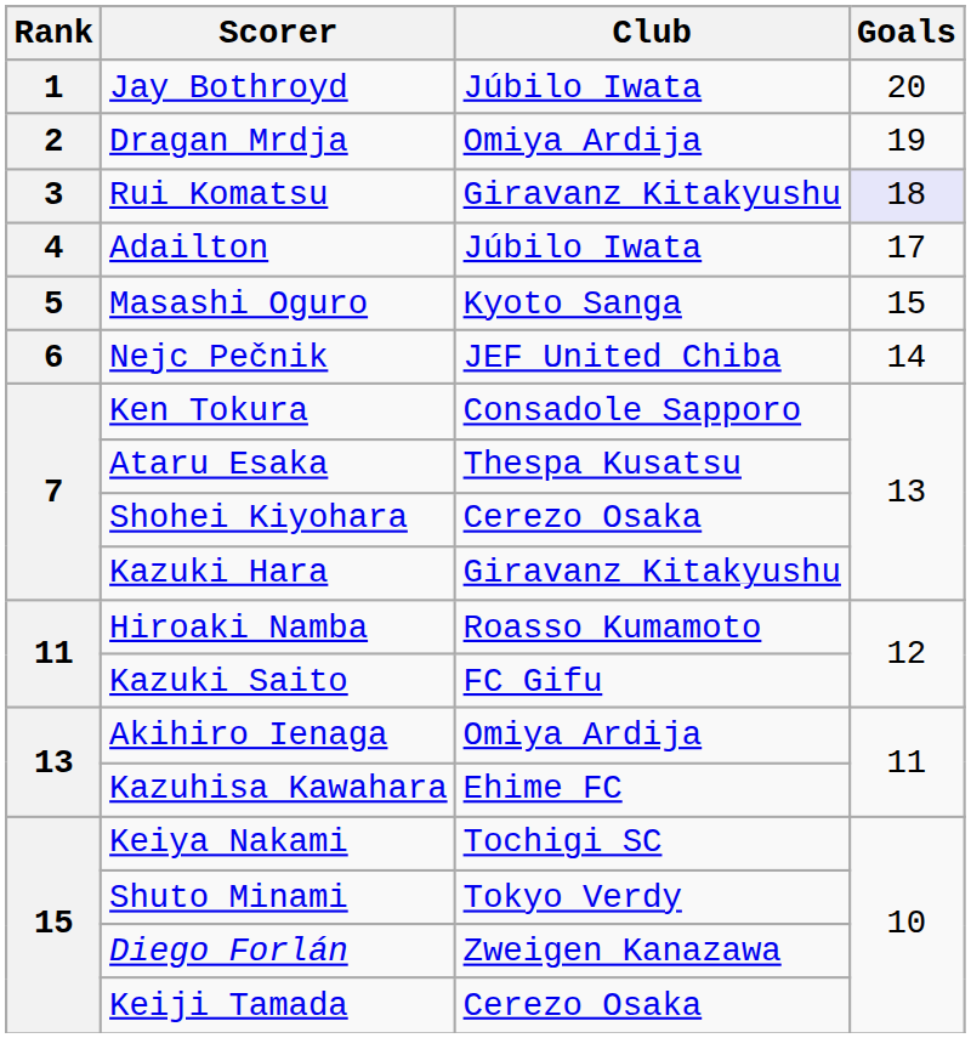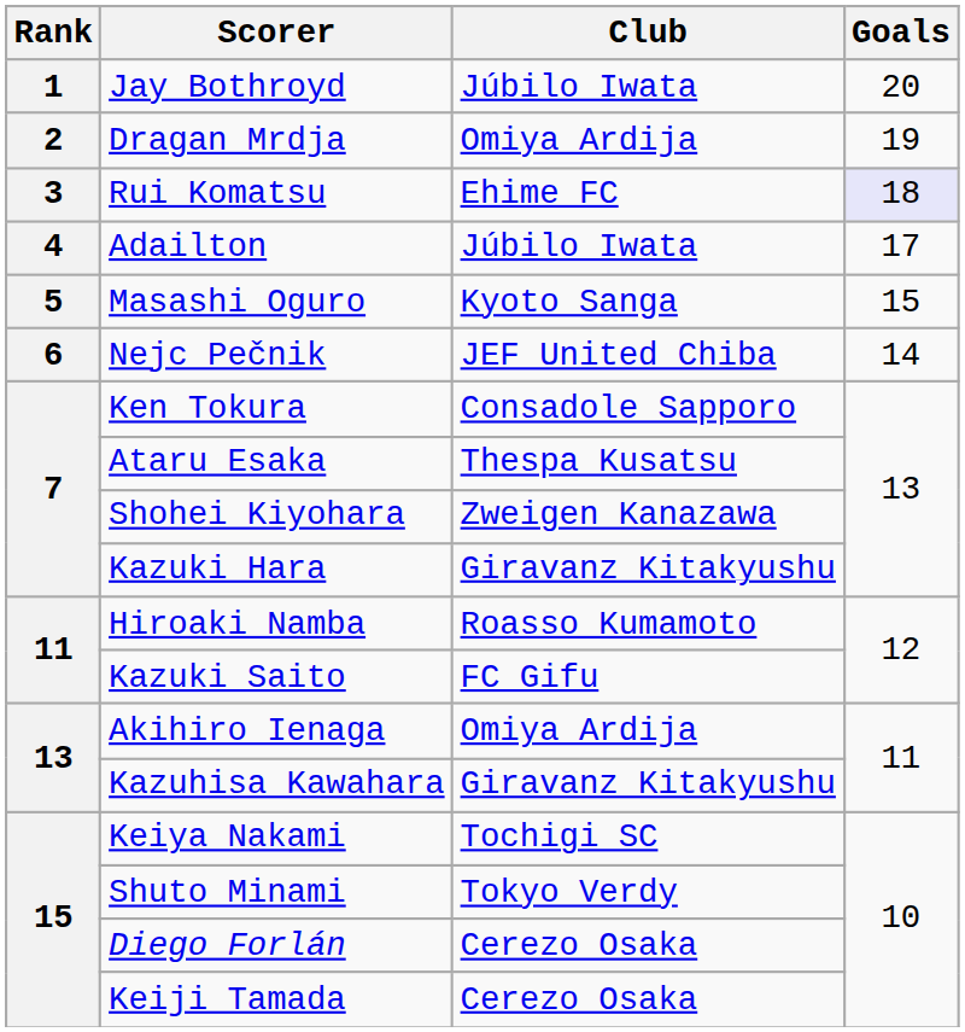 <table class="wikitable">
 <tr>
 <th>Rank</th>
 <th>Scorer</th>
 <th>Club</th>
 <th>Goals</th>
 </tr>
 <tr>
 <th>1</th>
 <td> <a href='#'>Jay Bothroyd</a></td>
 <td><a href='#'>Júbilo Iwata</a></td>
 <td style="text-align:center;">20</td>
 </tr>
 <tr>
 <th>2</th>
 <td> <a href='#'>Dragan Mrdja</a></td>
 <td><a href='#'>Omiya Ardija</a></td>
 <td style="text-align:center;">19</td>
 </tr>
 <tr>
 <th>3</th>
 <td> <a href='#'>Rui Komatsu</a></td>
-<td><a href='#'>Giravanz Kitakyushu</a></td>
+<td><a href='#'>Ehime FC</a></td>
 <td style="background: lavender; text-align:center;">18</td>
 </tr>
 <tr>
 <th>4</th>
 <td> <a href='#'>Adailton</a></td>
 <td><a href='#'>Júbilo Iwata</a></td>
 <td style="text-align:center;">17</td>
 </tr>
 <tr>
 <th>5</th>
 <td> <a href='#'>Masashi Oguro</a></td>
 <td><a href='#'>Kyoto Sanga</a></td>
 <td style="text-align:center;">15</td>
 </tr>
 <tr>
 <th>6</th>
 <td> <a href='#'>Nejc Pečnik</a></td>
 <td><a href='#'>JEF United Chiba</a></td>
 <td style="text-align:center;">14</td>
 </tr>
 <tr>
 <th rowspan=4>7</th>
 <td> <a href='#'>Ken Tokura</a></td>
 <td><a href='#'>Consadole Sapporo</a></td>
 <td rowspan=4 style="text-align:center;">13</td>
 </tr>
 <tr>
 <td> <a href='#'>Ataru Esaka</a></td>
 <td><a href='#'>Thespa Kusatsu</a></td>
 </tr>
 <tr>
 <td> <a href='#'>Shohei Kiyohara</a></td>
-<td><a href='#'>Cerezo Osaka</a></td>
+<td><a href='#'>Zweigen Kanazawa</a></td>
 </tr>
 <tr>
 <td> <a href='#'>Kazuki Hara</a></td>
 <td><a href='#'>Giravanz Kitakyushu</a></td>
 </tr>
 <tr>
 <th rowspan=2>11</th>
 <td> <a href='#'>Hiroaki Namba</a></td>
 <td><a href='#'>Roasso Kumamoto</a></td>
 <td rowspan=2 style="text-align:center;">12</td>
 </tr>
 <tr>
 <td> <a href='#'>Kazuki Saito</a></td>
 <td><a href='#'>FC Gifu</a></td>
 </tr>
 <tr>
 <th rowspan=2>13</th>
 <td> <a href='#'>Akihiro Ienaga</a></td>
 <td><a href='#'>Omiya Ardija</a></td>
 <td rowspan=2 style="text-align:center;">11</td>
 </tr>
 <tr>
 <td> <a href='#'>Kazuhisa Kawahara</a></td>
-<td><a href='#'>Ehime FC</a></td>
+<td><a href='#'>Giravanz Kitakyushu</a></td>
 </tr>
 <tr>
 <th rowspan=4>15</th>
 <td> <a href='#'>Keiya Nakami</a></td>
 <td><a href='#'>Tochigi SC</a></td>
 <td rowspan=4 style="text-align:center;">10</td>
 </tr>
 <tr>
 <td> <a href='#'>Shuto Minami</a></td>
 <td><a href='#'>Tokyo Verdy</a></td>
 </tr>
 <tr>
 <td> <em><a href='#'>Diego Forlán</a></em></td>
-<td><a href='#'>Zweigen Kanazawa</a></td>
+<td><a href='#'>Cerezo Osaka</a></td>
 </tr>
 <tr>
 <td> <a href='#'>Keiji Tamada</a></td>
 <td><a href='#'>Cerezo Osaka</a></td>
 </tr>
 </table>
